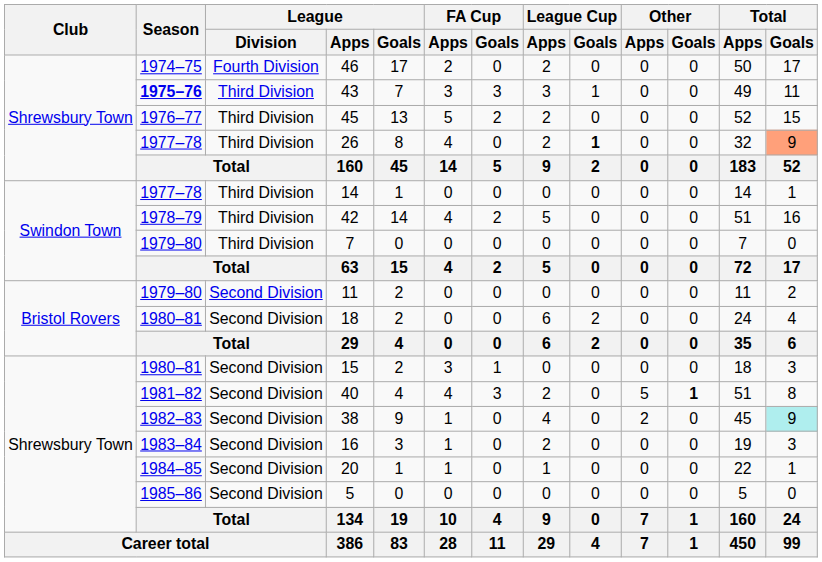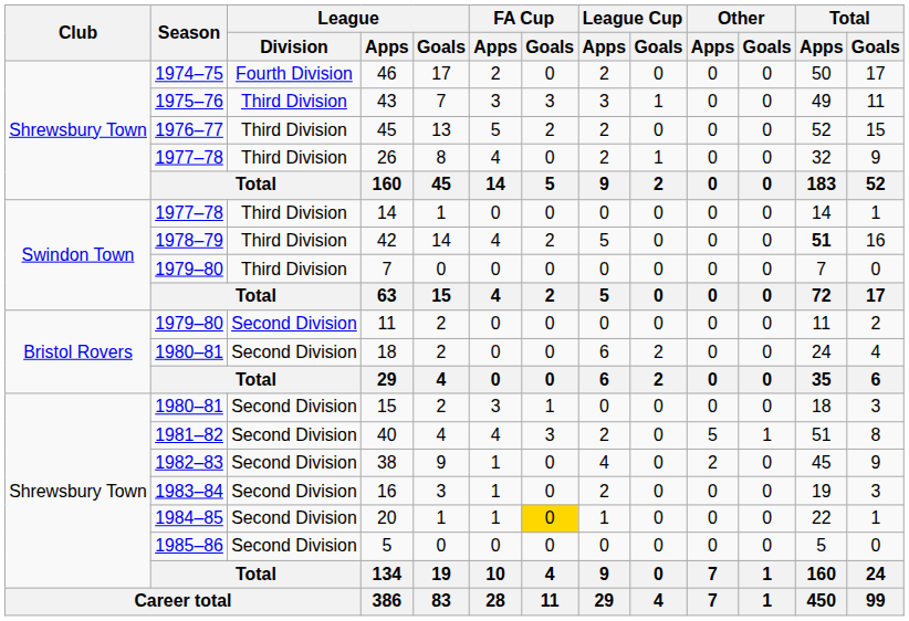 <table class="wikitable" style="text-align:center">
 <tr>
 <th rowspan="2">Club</th>
 <th rowspan="2">Season</th>
 <th colspan="3">League</th>
 <th colspan="2">FA Cup</th>
 <th colspan="2">League Cup</th>
 <th colspan="2">Other</th>
 <th colspan="2">Total</th>
 </tr>
 <tr>
 <th>Division</th>
 <th>Apps</th>
 <th>Goals</th>
 <th>Apps</th>
 <th>Goals</th>
 <th>Apps</th>
 <th>Goals</th>
 <th>Apps</th>
 <th>Goals</th>
 <th>Apps</th>
 <th>Goals</th>
 </tr>
 <tr>
 <td rowspan="5"><a href='#'>Shrewsbury Town</a></td>
 <td><a href='#'>1974–75</a></td>
 <td><a href='#'>Fourth Division</a></td>
 <td>46</td>
 <td>17</td>
 <td>2</td>
 <td>0</td>
 <td>2</td>
 <td>0</td>
 <td>0</td>
 <td>0</td>
 <td>50</td>
 <td>17</td>
 </tr>
 <tr>
-<td><strong><a href='#'>1975–76</a></strong></td>
+<td><a href='#'>1975–76</a></td>
 <td><a href='#'>Third Division</a></td>
 <td>43</td>
 <td>7</td>
 <td>3</td>
 <td>3</td>
 <td>3</td>
 <td>1</td>
 <td>0</td>
 <td>0</td>
 <td>49</td>
 <td>11</td>
 </tr>
 <tr>
 <td><a href='#'>1976–77</a></td>
 <td>Third Division</td>
 <td>45</td>
 <td>13</td>
 <td>5</td>
 <td>2</td>
 <td>2</td>
 <td>0</td>
 <td>0</td>
 <td>0</td>
 <td>52</td>
 <td>15</td>
 </tr>
 <tr>
 <td><a href='#'>1977–78</a></td>
 <td>Third Division</td>
 <td>26</td>
 <td>8</td>
 <td>4</td>
 <td>0</td>
 <td>2</td>
-<td><strong>1</strong></td>
+<td>1</td>
 <td>0</td>
 <td>0</td>
 <td>32</td>
-<td style="background: lightsalmon;">9</td>
+<td>9</td>
 </tr>
 <tr>
 <th colspan="2">Total</th>
 <th>160</th>
 <th>45</th>
 <th>14</th>
 <th>5</th>
 <th>9</th>
 <th>2</th>
 <th>0</th>
 <th>0</th>
 <th>183</th>
 <th>52</th>
 </tr>
 <tr>
 <td rowspan="4"><a href='#'>Swindon Town</a></td>
 <td><a href='#'>1977–78</a></td>
 <td>Third Division</td>
 <td>14</td>
 <td>1</td>
 <td>0</td>
 <td>0</td>
 <td>0</td>
 <td>0</td>
 <td>0</td>
 <td>0</td>
 <td>14</td>
 <td>1</td>
 </tr>
 <tr>
 <td><a href='#'>1978–79</a></td>
 <td>Third Division</td>
 <td>42</td>
 <td>14</td>
 <td>4</td>
 <td>2</td>
 <td>5</td>
 <td>0</td>
 <td>0</td>
 <td>0</td>
-<td>51</td>
+<td><strong>51</strong></td>
 <td>16</td>
 </tr>
 <tr>
 <td><a href='#'>1979–80</a></td>
 <td>Third Division</td>
 <td>7</td>
 <td>0</td>
 <td>0</td>
 <td>0</td>
 <td>0</td>
 <td>0</td>
 <td>0</td>
 <td>0</td>
 <td>7</td>
 <td>0</td>
 </tr>
 <tr>
 <th colspan="2">Total</th>
 <th>63</th>
 <th>15</th>
 <th>4</th>
 <th>2</th>
 <th>5</th>
 <th>0</th>
 <th>0</th>
 <th>0</th>
 <th>72</th>
 <th>17</th>
 </tr>
 <tr>
 <td rowspan="3"><a href='#'>Bristol Rovers</a></td>
 <td><a href='#'>1979–80</a></td>
 <td><a href='#'>Second Division</a></td>
 <td>11</td>
 <td>2</td>
 <td>0</td>
 <td>0</td>
 <td>0</td>
 <td>0</td>
 <td>0</td>
 <td>0</td>
 <td>11</td>
 <td>2</td>
 </tr>
 <tr>
 <td><a href='#'>1980–81</a></td>
 <td>Second Division</td>
 <td>18</td>
 <td>2</td>
 <td>0</td>
 <td>0</td>
 <td>6</td>
 <td>2</td>
 <td>0</td>
 <td>0</td>
 <td>24</td>
 <td>4</td>
 </tr>
 <tr>
 <th colspan="2">Total</th>
 <th>29</th>
 <th>4</th>
 <th>0</th>
 <th>0</th>
 <th>6</th>
 <th>2</th>
 <th>0</th>
 <th>0</th>
 <th>35</th>
 <th>6</th>
 </tr>
 <tr>
 <td rowspan="7">Shrewsbury Town</td>
 <td><a href='#'>1980–81</a></td>
 <td>Second Division</td>
 <td>15</td>
 <td>2</td>
 <td>3</td>
 <td>1</td>
 <td>0</td>
 <td>0</td>
 <td>0</td>
 <td>0</td>
 <td>18</td>
 <td>3</td>
 </tr>
 <tr>
 <td><a href='#'>1981–82</a></td>
 <td>Second Division</td>
 <td>40</td>
 <td>4</td>
 <td>4</td>
 <td>3</td>
 <td>2</td>
 <td>0</td>
 <td>5</td>
-<td><strong>1</strong></td>
+<td>1</td>
 <td>51</td>
 <td>8</td>
 </tr>
 <tr>
 <td><a href='#'>1982–83</a></td>
 <td>Second Division</td>
 <td>38</td>
 <td>9</td>
 <td>1</td>
 <td>0</td>
 <td>4</td>
 <td>0</td>
 <td>2</td>
 <td>0</td>
 <td>45</td>
-<td style="background: paleturquoise;">9</td>
+<td>9</td>
 </tr>
 <tr>
 <td><a href='#'>1983–84</a></td>
 <td>Second Division</td>
 <td>16</td>
 <td>3</td>
 <td>1</td>
 <td>0</td>
 <td>2</td>
 <td>0</td>
 <td>0</td>
 <td>0</td>
 <td>19</td>
 <td>3</td>
 </tr>
 <tr>
 <td><a href='#'>1984–85</a></td>
 <td>Second Division</td>
 <td>20</td>
 <td>1</td>
 <td>1</td>
-<td>0</td>
+<td style="background: gold;">0</td>
 <td>1</td>
 <td>0</td>
 <td>0</td>
 <td>0</td>
 <td>22</td>
 <td>1</td>
 </tr>
 <tr>
 <td><a href='#'>1985–86</a></td>
 <td>Second Division</td>
 <td>5</td>
 <td>0</td>
 <td>0</td>
 <td>0</td>
 <td>0</td>
 <td>0</td>
 <td>0</td>
 <td>0</td>
 <td>5</td>
 <td>0</td>
 </tr>
 <tr>
 <th colspan="2">Total</th>
 <th>134</th>
 <th>19</th>
 <th>10</th>
 <th>4</th>
 <th>9</th>
 <th>0</th>
 <th>7</th>
 <th>1</th>
 <th>160</th>
 <th>24</th>
 </tr>
 <tr>
 <th colspan="3">Career total</th>
 <th>386</th>
 <th>83</th>
 <th>28</th>
 <th>11</th>
 <th>29</th>
 <th>4</th>
 <th>7</th>
 <th>1</th>
 <th>450</th>
 <th>99</th>
 </tr>
 </table>
